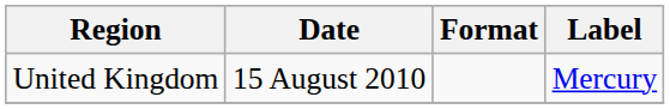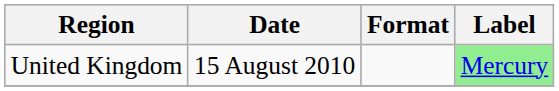 <table class="wikitable" border="1">
 <tr>
 <th>Region</th>
 <th>Date</th>
 <th>Format</th>
 <th>Label</th>
 </tr>
 <tr>
 <td>United Kingdom</td>
 <td>15 August 2010</td>
 <td></td>
-<td><a href='#'>Mercury</a></td>
+<td style="background: lightgreen;"><a href='#'>Mercury</a></td>
 </tr>
 <tr>
 </tr>
 </table>
